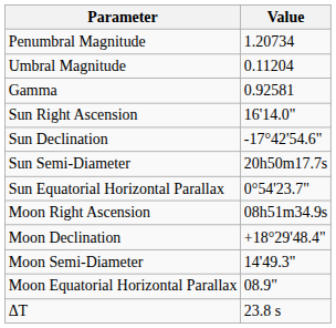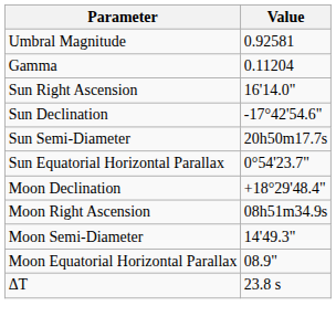 <table class="wikitable">
 <tr>
 <th>Parameter</th>
 <th>Value</th>
 </tr>
 <tr>
-<td>Penumbral Magnitude</td>
-<td>1.20734</td>
-</tr>
-<tr>
 <td>Umbral Magnitude</td>
-<td>0.11204</td>
+<td>0.92581</td>
 </tr>
 <tr>
 <td>Gamma</td>
-<td>0.92581</td>
+<td>0.11204</td>
 </tr>
 <tr>
 <td>Sun Right Ascension</td>
 <td>16'14.0"</td>
 </tr>
 <tr>
 <td>Sun Declination</td>
 <td>-17°42'54.6"</td>
 </tr>
 <tr>
 <td>Sun Semi-Diameter</td>
 <td>20h50m17.7s</td>
 </tr>
 <tr>
 <td>Sun Equatorial Horizontal Parallax</td>
 <td>0°54'23.7"</td>
 </tr>
 <tr>
+<td>Moon Declination</td>
+<td>+18°29'48.4"</td>
+</tr>
+<tr>
 <td>Moon Right Ascension</td>
 <td>08h51m34.9s</td>
-</tr>
-<tr>
-<td>Moon Declination</td>
-<td>+18°29'48.4"</td>
 </tr>
 <tr>
 <td>Moon Semi-Diameter</td>
 <td>14'49.3"</td>
 </tr>
 <tr>
 <td>Moon Equatorial Horizontal Parallax</td>
 <td>08.9"</td>
 </tr>
 <tr>
 <td>ΔT</td>
 <td>23.8 s</td>
 </tr>
 </table>
